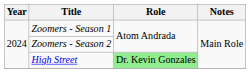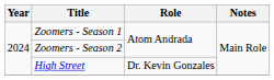 <table class="wikitable">
 <tr>
 <th>Year</th>
 <th>Title</th>
 <th>Role</th>
 <th>Notes</th>
 </tr>
 <tr>
 <td rowspan="3">2024</td>
 <td><em>Zoomers - Season 1</em></td>
 <td rowspan="2">Atom Andrada</td>
 <td rowspan="3">Main Role</td>
 </tr>
 <tr>
 <td><em>Zoomers - Season 2</em></td>
 </tr>
 <tr>
 <td><em><a href='#'>High Street</a></em></td>
-<td style="background: lightgreen;">Dr. Kevin Gonzales</td>
+<td>Dr. Kevin Gonzales</td>
 </tr>
 <tr>
 </tr>
 </table>
